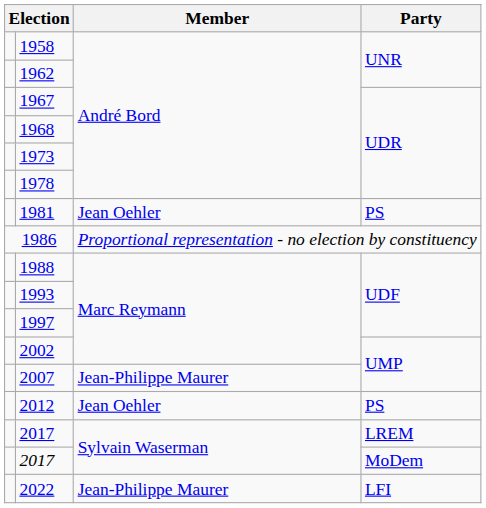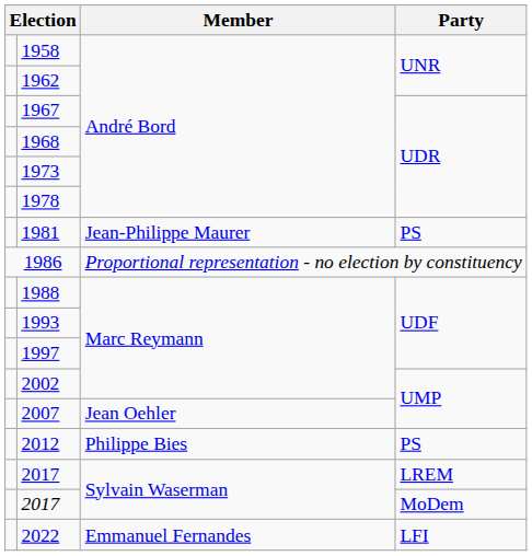 <table class="wikitable">
 <tr>
 <th colspan="2">Election</th>
 <th>Member</th>
 <th>Party</th>
 </tr>
 <tr>
 <td style="background-color: "></td>
 <td><a href='#'>1958</a></td>
 <td rowspan="6"><a href='#'>André Bord</a></td>
 <td rowspan="2"><a href='#'>UNR</a></td>
 </tr>
 <tr>
 <td style="background-color: "></td>
 <td><a href='#'>1962</a></td>
 </tr>
 <tr>
 <td style="background-color: "></td>
 <td><a href='#'>1967</a></td>
 <td rowspan="4"><a href='#'>UDR</a></td>
 </tr>
 <tr>
 <td style="background-color: "></td>
 <td><a href='#'>1968</a></td>
 </tr>
 <tr>
 <td style="background-color: "></td>
 <td><a href='#'>1973</a></td>
 </tr>
 <tr>
 <td style="background-color: "></td>
 <td><a href='#'>1978</a></td>
 </tr>
 <tr>
 <td style="background-color: "></td>
 <td><a href='#'>1981</a></td>
-<td><a href='#'>Jean Oehler</a></td>
+<td><a href='#'>Jean-Philippe Maurer</a></td>
 <td><a href='#'>PS</a></td>
 </tr>
 <tr>
 <td colspan="2" align="center"><a href='#'>1986</a></td>
 <td colspan="2"><em><a href='#'>Proportional representation</a> - no election by constituency</em></td>
 </tr>
 <tr>
 <td style="background-color: "></td>
 <td><a href='#'>1988</a></td>
 <td rowspan="4"><a href='#'>Marc Reymann</a></td>
 <td rowspan="3"><a href='#'>UDF</a></td>
 </tr>
 <tr>
 <td style="background-color: "></td>
 <td><a href='#'>1993</a></td>
 </tr>
 <tr>
 <td style="background-color: "></td>
 <td><a href='#'>1997</a></td>
 </tr>
 <tr>
 <td style="background-color: "></td>
 <td><a href='#'>2002</a></td>
 <td rowspan="2"><a href='#'>UMP</a></td>
 </tr>
 <tr>
 <td style="background-color: "></td>
 <td><a href='#'>2007</a></td>
-<td><a href='#'>Jean-Philippe Maurer</a></td>
+<td><a href='#'>Jean Oehler</a></td>
 </tr>
 <tr>
 <td style="background-color: "></td>
 <td><a href='#'>2012</a></td>
-<td><a href='#'>Jean Oehler</a></td>
+<td><a href='#'>Philippe Bies</a></td>
 <td><a href='#'>PS</a></td>
 </tr>
 <tr>
 <td style="background-color: "></td>
 <td><a href='#'>2017</a></td>
 <td rowspan="2"><a href='#'>Sylvain Waserman</a></td>
 <td><a href='#'>LREM</a></td>
 </tr>
 <tr>
 <td style="background-color: "></td>
 <td><em>2017</em></td>
 <td><a href='#'>MoDem</a></td>
 </tr>
 <tr>
 <td style="background-color: "></td>
 <td><a href='#'>2022</a></td>
-<td><a href='#'>Jean-Philippe Maurer</a></td>
+<td><a href='#'>Emmanuel Fernandes</a></td>
 <td><a href='#'>LFI</a></td>
 </tr>
 </table>
